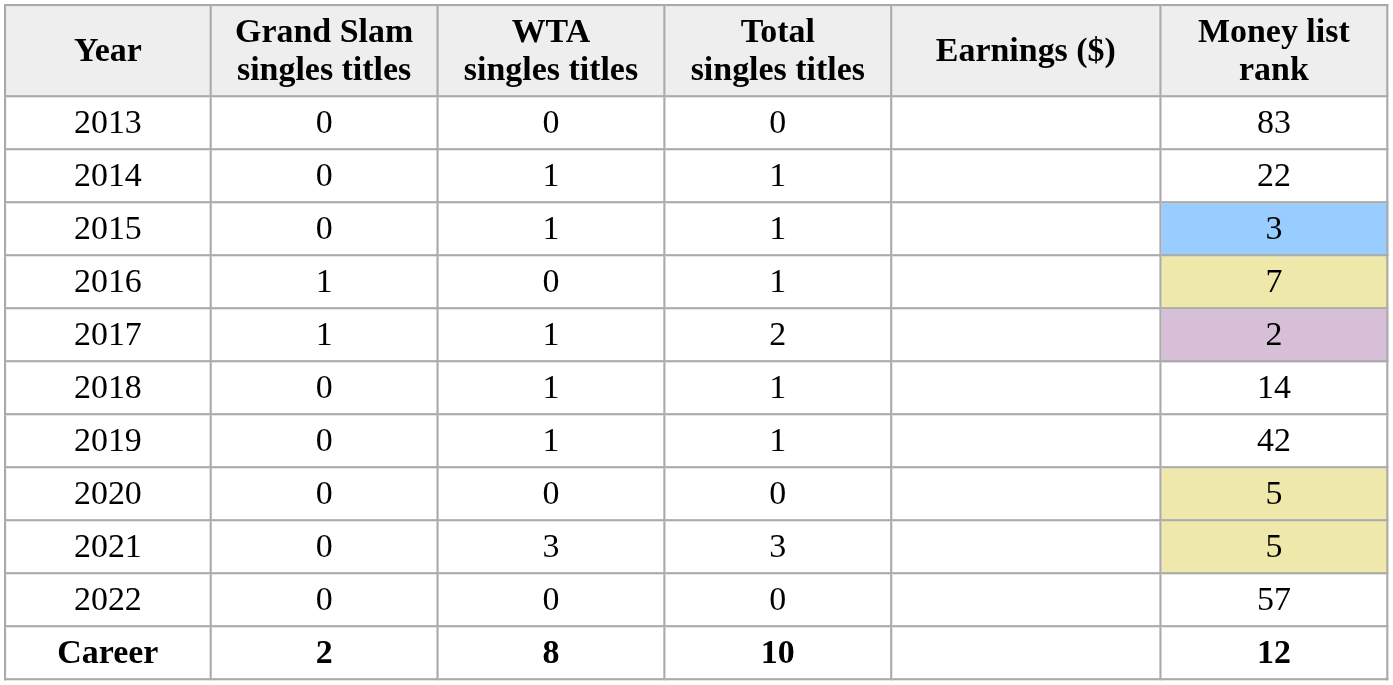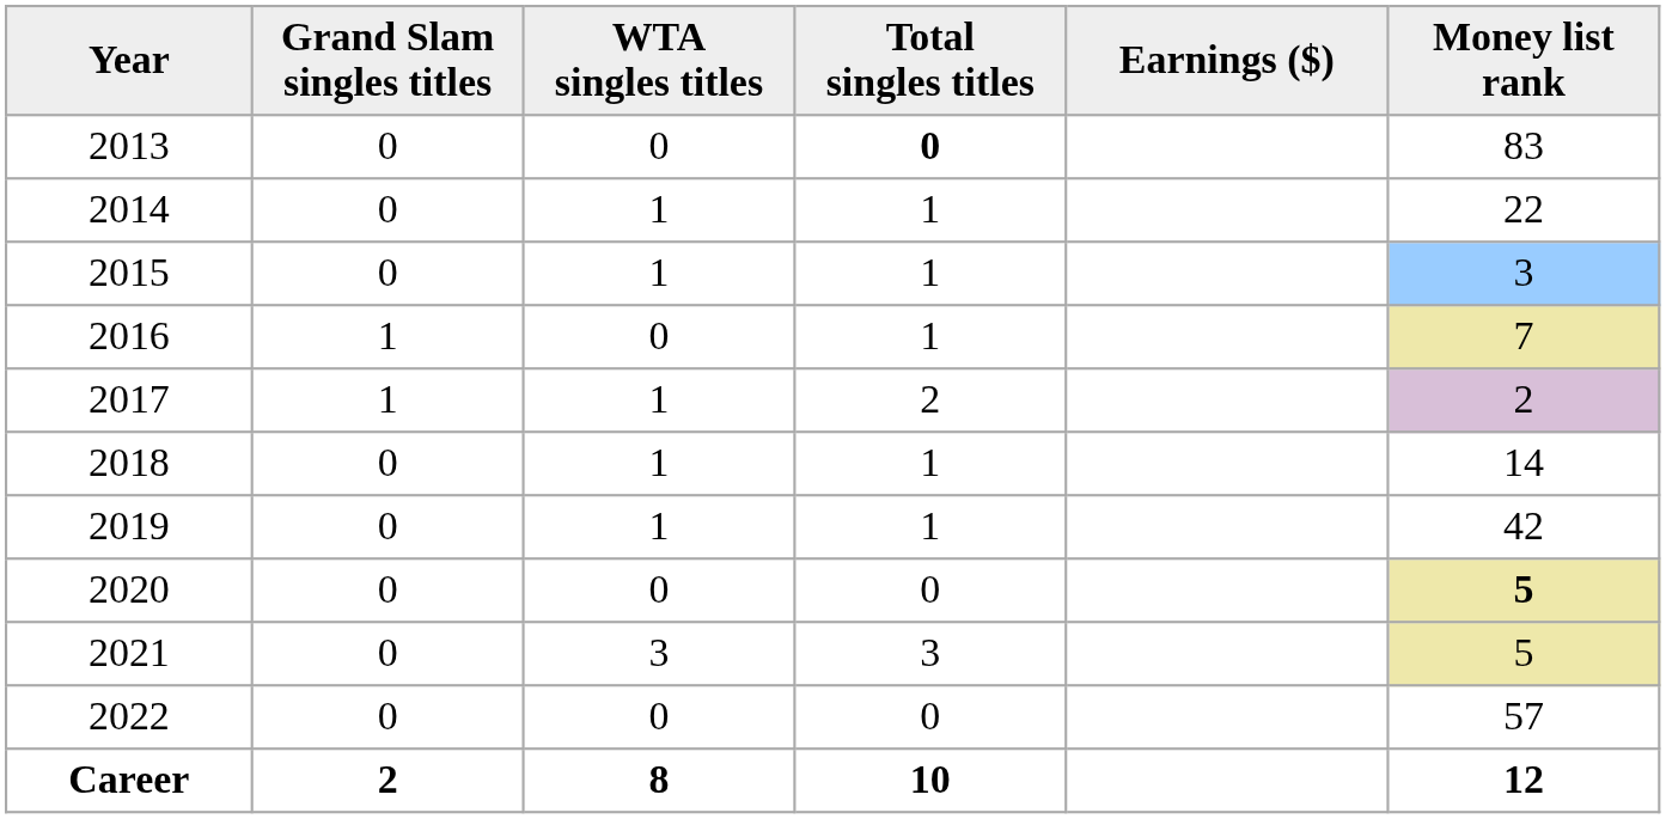 <table cellpadding=3 cellspacing=0 border=1 style=border:#aaa;solid:1px;border-collapse:collapse;text-align:center;>
 <tr style=background:#eee;font-weight:bold>
 <td width="90">Year</td>
 <td width="100">Grand Slam <br>singles titles</td>
 <td width="100">WTA <br>singles titles</td>
 <td width="100">Total <br>singles titles</td>
 <td width="120">Earnings ($)</td>
 <td width="100">Money list rank</td>
 </tr>
 <tr>
 <td>2013</td>
 <td>0</td>
 <td>0</td>
-<td>0</td>
+<td><strong>0</strong></td>
 <td align="right"></td>
 <td>83</td>
 </tr>
 <tr>
 <td>2014</td>
 <td>0</td>
 <td>1</td>
 <td>1</td>
 <td align="right"></td>
 <td>22</td>
 </tr>
 <tr>
 <td>2015</td>
 <td>0</td>
 <td>1</td>
 <td>1</td>
 <td align="right"></td>
 <td bgcolor="99ccff">3</td>
 </tr>
 <tr>
 <td>2016</td>
 <td>1</td>
 <td>0</td>
 <td>1</td>
 <td align="right"></td>
 <td bgcolor="EEE8AA">7</td>
 </tr>
 <tr>
 <td>2017</td>
 <td>1</td>
 <td>1</td>
 <td>2</td>
 <td align="right"></td>
 <td bgcolor="thistle">2</td>
 </tr>
 <tr>
 <td>2018</td>
 <td>0</td>
 <td>1</td>
 <td>1</td>
 <td align="right"></td>
 <td>14</td>
 </tr>
 <tr>
 <td>2019</td>
 <td>0</td>
 <td>1</td>
 <td>1</td>
 <td align="right"></td>
 <td>42</td>
 </tr>
 <tr>
 <td>2020</td>
 <td>0</td>
 <td>0</td>
 <td>0</td>
 <td align="right"></td>
-<td bgcolor="EEE8AA">5</td>
+<td bgcolor="EEE8AA"><strong>5</strong></td>
 </tr>
 <tr>
 <td>2021</td>
 <td>0</td>
 <td>3</td>
 <td>3</td>
 <td align="right"></td>
 <td bgcolor="EEE8AA">5</td>
 </tr>
 <tr>
 <td>2022</td>
 <td>0</td>
 <td>0</td>
 <td>0</td>
 <td align="right"></td>
 <td>57</td>
 </tr>
 <tr style="font-weight:bold;">
 <td>Career</td>
 <td>2</td>
 <td>8</td>
 <td>10</td>
 <td align="right"></td>
 <td>12</td>
 </tr>
 </table>
